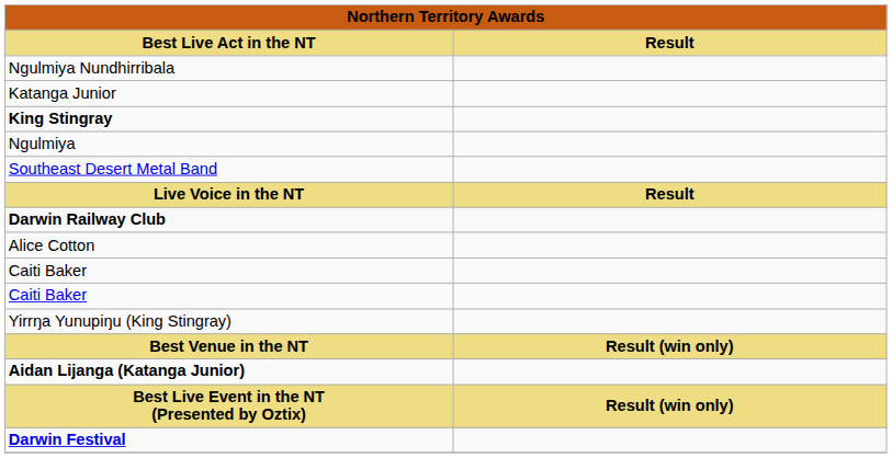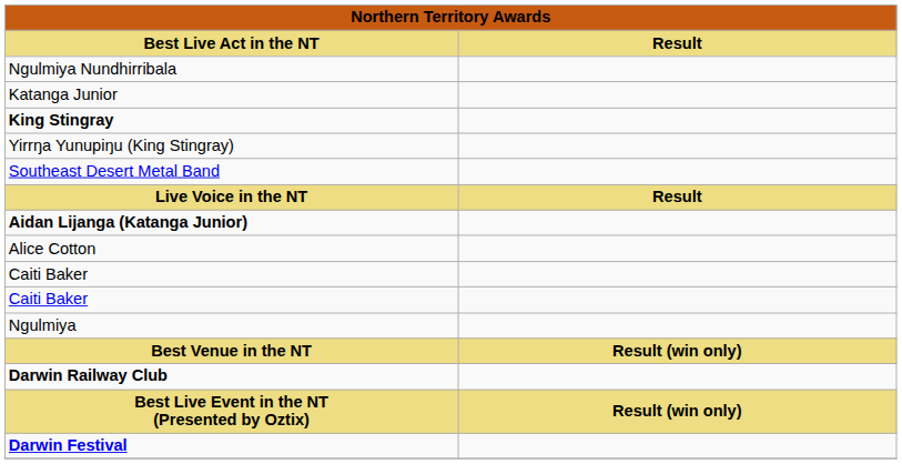 <table class="wikitable" width=100%>
 <tr>
 <th colspan="2" ! style="width:15%;background:#C75B12">Northern Territory Awards</th>
 </tr>
 <tr>
 <th style="width:10%;background:#EEDD82;">Best Live Act in the NT</th>
 <th style="width:10%;background:#EEDD82;">Result</th>
 </tr>
 <tr>
 <td>Ngulmiya Nundhirribala</td>
 <td></td>
 </tr>
 <tr>
 <td>Katanga Junior</td>
 <td></td>
 </tr>
 <tr>
 <td><strong>King Stingray</strong></td>
 <td></td>
 </tr>
 <tr>
-<td>Ngulmiya</td>
+<td>Yirrŋa Yunupiŋu (King Stingray)</td>
 <td></td>
 </tr>
 <tr>
 <td><a href='#'>Southeast Desert Metal Band</a></td>
 <td></td>
 </tr>
 <tr>
 <th style="width:10%;background:#EEDD82;">Live Voice in the NT</th>
 <th style="width:10%;background:#EEDD82;">Result</th>
 </tr>
 <tr>
-<td><strong>Darwin Railway Club</strong></td>
+<td><strong>Aidan Lijanga (Katanga Junior)</strong></td>
 <td></td>
 </tr>
 <tr>
 <td>Alice Cotton</td>
 <td></td>
 </tr>
 <tr>
 <td>Caiti Baker</td>
 <td></td>
 </tr>
 <tr>
 <td><a href='#'>Caiti Baker</a></td>
 <td></td>
 </tr>
 <tr>
-<td>Yirrŋa Yunupiŋu (King Stingray)</td>
+<td>Ngulmiya</td>
 <td></td>
 </tr>
 <tr>
 <th style="width:10%;background:#EEDD82;">Best Venue in the NT</th>
 <th style="width:10%;background:#EEDD82;">Result (win only)</th>
 </tr>
 <tr>
-<td><strong>Aidan Lijanga (Katanga Junior)</strong></td>
+<td><strong>Darwin Railway Club</strong></td>
 <td></td>
 </tr>
 <tr>
 <th style="width:10%;background:#EEDD82;">Best Live Event in the NT <br> (Presented by Oztix)</th>
 <th style="width:10%;background:#EEDD82;">Result (win only)</th>
 </tr>
 <tr>
 <td><strong><a href='#'>Darwin Festival</a></strong></td>
 <td></td>
 </tr>
 <tr>
 </tr>
 </table>
